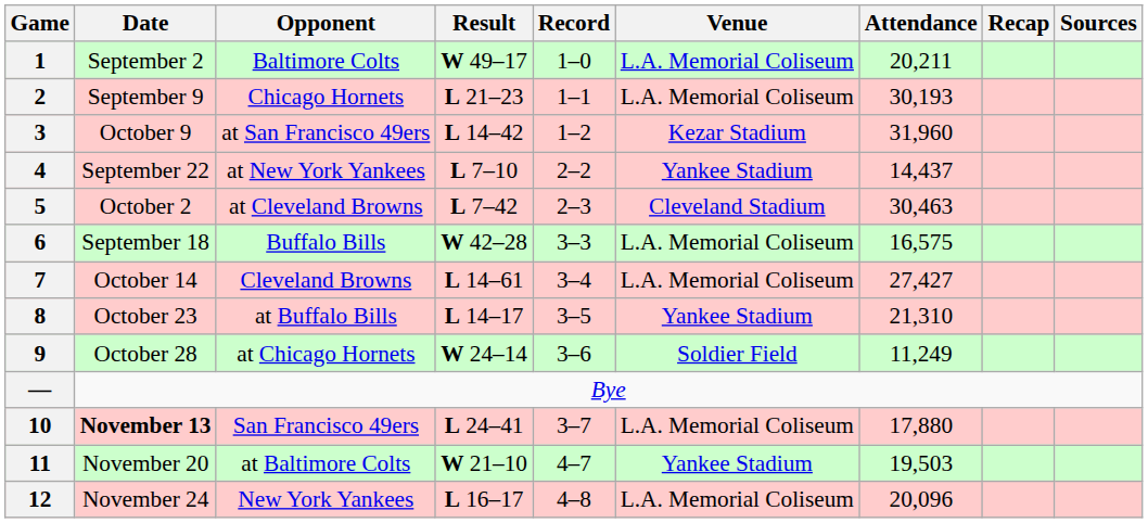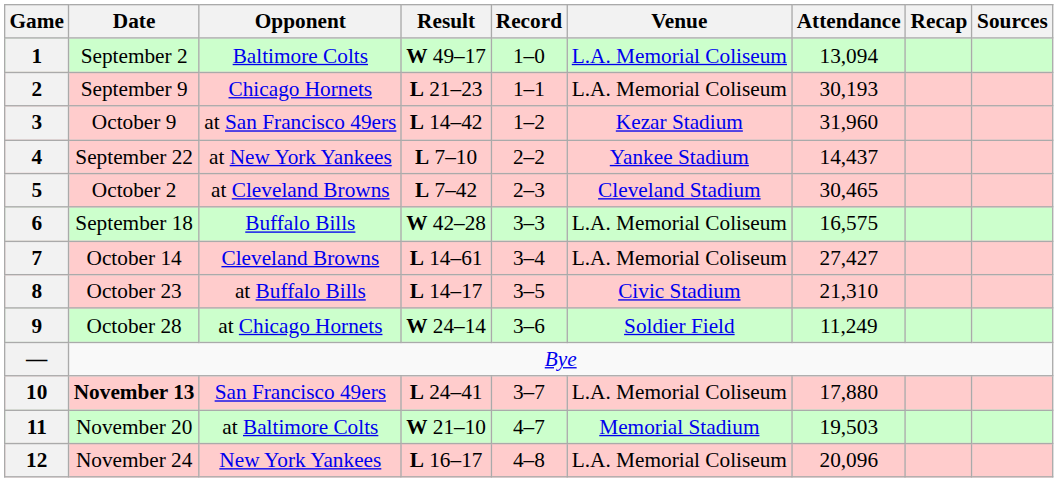 <table class="wikitable" style="text-align:center">
 <tr>
 <th>Game</th>
 <th>Date</th>
 <th>Opponent</th>
 <th>Result</th>
 <th>Record</th>
 <th>Venue</th>
 <th>Attendance</th>
 <th>Recap</th>
 <th>Sources</th>
 </tr>
 <tr style="background:#cfc">
 <th>1</th>
 <td>September 2</td>
 <td><a href='#'>Baltimore Colts</a></td>
 <td><strong>W</strong> 49–17</td>
 <td>1–0</td>
 <td><a href='#'>L.A. Memorial Coliseum</a></td>
-<td>20,211</td>
+<td>13,094</td>
 <td></td>
 <td></td>
 </tr>
 <tr style="background:#fcc">
 <th>2</th>
 <td>September 9</td>
 <td><a href='#'>Chicago Hornets</a></td>
 <td><strong>L</strong> 21–23</td>
 <td>1–1</td>
 <td>L.A. Memorial Coliseum</td>
 <td>30,193</td>
 <td></td>
 <td></td>
 </tr>
 <tr style="background:#fcc">
 <th>3</th>
 <td>October 9</td>
 <td>at <a href='#'>San Francisco 49ers</a></td>
 <td><strong>L</strong> 14–42</td>
 <td>1–2</td>
 <td><a href='#'>Kezar Stadium</a></td>
 <td>31,960</td>
 <td></td>
 <td></td>
 </tr>
 <tr style="background:#fcc">
 <th>4</th>
 <td>September 22</td>
 <td>at <a href='#'>New York Yankees</a></td>
 <td><strong>L</strong> 7–10</td>
 <td>2–2</td>
 <td><a href='#'>Yankee Stadium</a></td>
 <td>14,437</td>
 <td></td>
 <td></td>
 </tr>
 <tr style="background:#fcc">
 <th>5</th>
 <td>October 2</td>
 <td>at <a href='#'>Cleveland Browns</a></td>
 <td><strong>L</strong> 7–42</td>
 <td>2–3</td>
 <td><a href='#'>Cleveland Stadium</a></td>
-<td>30,463</td>
+<td>30,465</td>
 <td></td>
 <td></td>
 </tr>
 <tr style="background:#cfc">
 <th>6</th>
 <td>September 18</td>
 <td><a href='#'>Buffalo Bills</a></td>
 <td><strong>W</strong> 42–28</td>
 <td>3–3</td>
 <td>L.A. Memorial Coliseum</td>
 <td>16,575</td>
 <td></td>
 <td></td>
 </tr>
 <tr style="background:#fcc">
 <th>7</th>
 <td>October 14</td>
 <td><a href='#'>Cleveland Browns</a></td>
 <td><strong>L</strong> 14–61</td>
 <td>3–4</td>
 <td>L.A. Memorial Coliseum</td>
 <td>27,427</td>
 <td></td>
 <td></td>
 </tr>
 <tr style="background:#fcc">
 <th>8</th>
 <td>October 23</td>
 <td>at <a href='#'>Buffalo Bills</a></td>
 <td><strong>L</strong> 14–17</td>
 <td>3–5</td>
-<td><a href='#'>Yankee Stadium</a></td>
+<td><a href='#'>Civic Stadium</a></td>
 <td>21,310</td>
 <td></td>
 <td></td>
 </tr>
 <tr style="background:#cfc">
 <th>9</th>
 <td>October 28</td>
 <td>at <a href='#'>Chicago Hornets</a></td>
 <td><strong>W</strong> 24–14</td>
 <td>3–6</td>
 <td><a href='#'>Soldier Field</a></td>
 <td>11,249</td>
 <td></td>
 <td></td>
 </tr>
 <tr>
 <th>—</th>
 <td colspan="8"><em><a href='#'>Bye</a></em></td>
 </tr>
 <tr style="background:#fcc">
 <th>10</th>
 <td><strong>November 13</strong></td>
 <td><a href='#'>San Francisco 49ers</a></td>
 <td><strong>L</strong> 24–41</td>
 <td>3–7</td>
 <td>L.A. Memorial Coliseum</td>
 <td>17,880</td>
 <td></td>
 <td></td>
 </tr>
 <tr style="background:#cfc">
 <th>11</th>
 <td>November 20</td>
 <td>at <a href='#'>Baltimore Colts</a></td>
 <td><strong>W</strong> 21–10</td>
 <td>4–7</td>
-<td><a href='#'>Yankee Stadium</a></td>
+<td><a href='#'>Memorial Stadium</a></td>
 <td>19,503</td>
 <td></td>
 <td></td>
 </tr>
 <tr style="background:#fcc">
 <th>12</th>
 <td>November 24</td>
 <td><a href='#'>New York Yankees</a></td>
 <td><strong>L</strong> 16–17</td>
 <td>4–8</td>
 <td>L.A. Memorial Coliseum</td>
 <td>20,096</td>
 <td></td>
 <td></td>
 </tr>
 </table>
